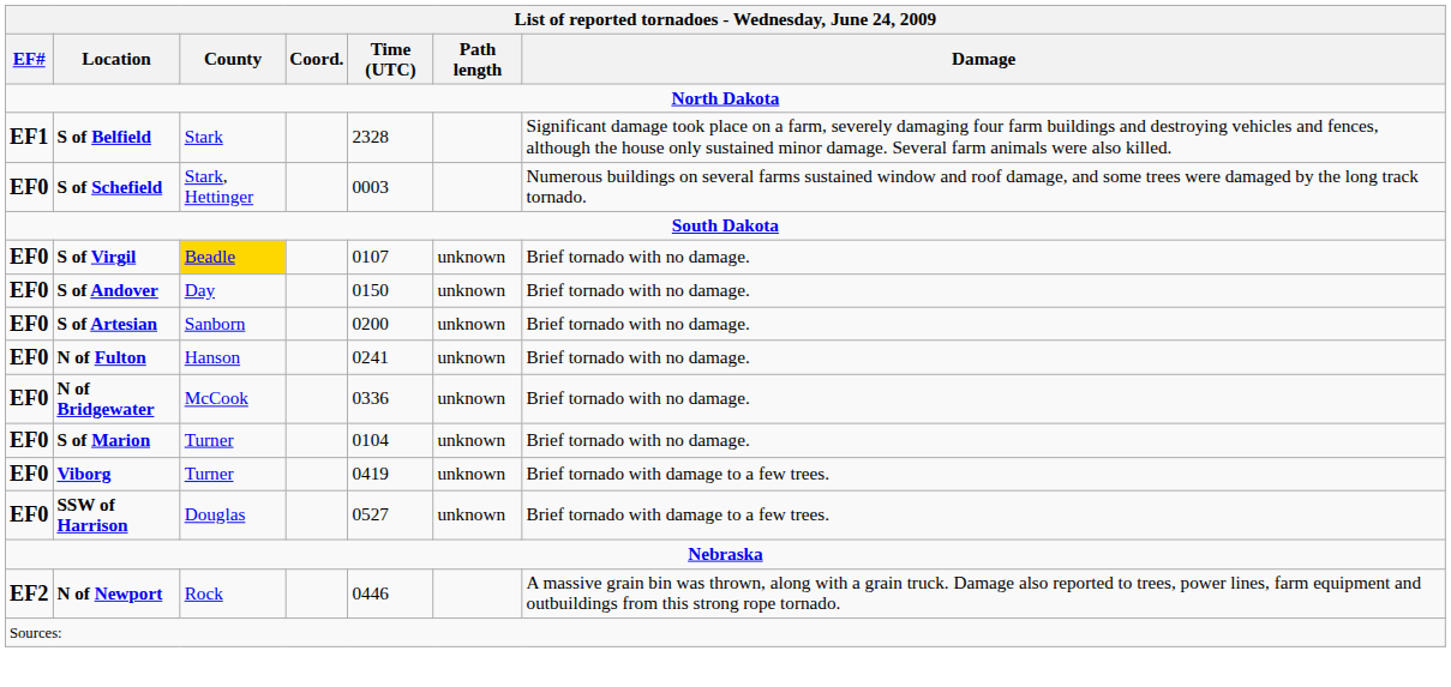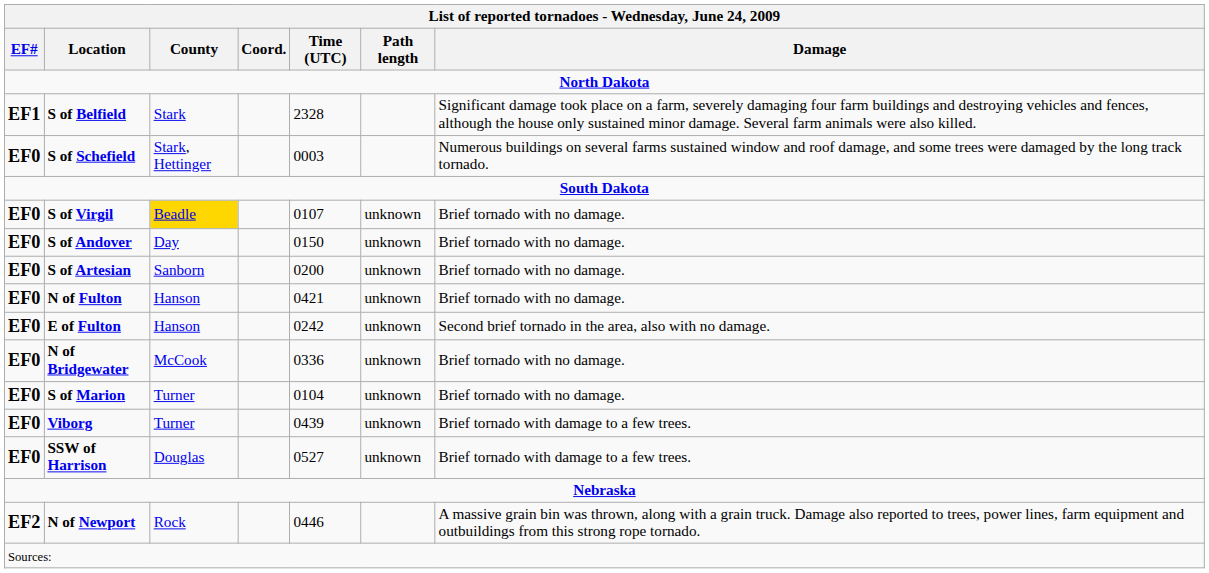 <table class="wikitable collapsible" width="100%">
 <tr>
 <th colspan="7">List of reported tornadoes - Wednesday, June 24, 2009</th>
 </tr>
 <tr>
 <th><a href='#'>EF#</a></th>
 <th>Location</th>
 <th>County</th>
 <th>Coord.</th>
 <th>Time (UTC)</th>
 <th>Path length</th>
 <th>Damage</th>
 </tr>
 <tr>
 <td colspan="7" align=center><strong><a href='#'>North Dakota</a></strong></td>
 </tr>
 <tr>
 <td><big><strong>EF1</strong></big></td>
 <td><strong>S of <a href='#'>Belfield</a></strong></td>
 <td><a href='#'>Stark</a></td>
 <td></td>
 <td>2328</td>
 <td></td>
 <td>Significant damage took place on a farm, severely damaging four farm buildings and destroying vehicles and fences, although the house only sustained minor damage. Several farm animals were also killed.</td>
 </tr>
 <tr>
 <td><big><strong>EF0</strong></big></td>
 <td><strong>S of <a href='#'>Schefield</a></strong></td>
 <td><a href='#'>Stark</a>, <a href='#'>Hettinger</a></td>
 <td></td>
 <td>0003</td>
 <td></td>
 <td>Numerous buildings on several farms sustained window and roof damage, and some trees were damaged by the long track tornado.</td>
 </tr>
 <tr>
 <td colspan="7" align=center><strong><a href='#'>South Dakota</a></strong></td>
 </tr>
 <tr>
 <td><big><strong>EF0</strong></big></td>
 <td><strong>S of <a href='#'>Virgil</a></strong></td>
 <td style="background: gold;"><a href='#'>Beadle</a></td>
 <td></td>
 <td>0107</td>
 <td>unknown</td>
 <td>Brief tornado with no damage.</td>
 </tr>
 <tr>
 <td><big><strong>EF0</strong></big></td>
 <td><strong>S of <a href='#'>Andover</a></strong></td>
 <td><a href='#'>Day</a></td>
 <td></td>
 <td>0150</td>
 <td>unknown</td>
 <td>Brief tornado with no damage.</td>
 </tr>
 <tr>
 <td><big><strong>EF0</strong></big></td>
 <td><strong>S of <a href='#'>Artesian</a></strong></td>
 <td><a href='#'>Sanborn</a></td>
 <td></td>
 <td>0200</td>
 <td>unknown</td>
 <td>Brief tornado with no damage.</td>
 </tr>
 <tr>
 <td><big><strong>EF0</strong></big></td>
 <td><strong>N of <a href='#'>Fulton</a></strong></td>
 <td><a href='#'>Hanson</a></td>
 <td></td>
-<td>0241</td>
+<td>0421</td>
 <td>unknown</td>
 <td>Brief tornado with no damage.</td>
+</tr>
+<tr>
+<td><big><strong>EF0</strong></big></td>
+<td><strong>E of <a href='#'>Fulton</a></strong></td>
+<td><a href='#'>Hanson</a></td>
+<td></td>
+<td>0242</td>
+<td>unknown</td>
+<td>Second brief tornado in the area, also with no damage.</td>
 </tr>
 <tr>
 <td><big><strong>EF0</strong></big></td>
 <td><strong>N of <a href='#'>Bridgewater</a></strong></td>
 <td><a href='#'>McCook</a></td>
 <td></td>
 <td>0336</td>
 <td>unknown</td>
 <td>Brief tornado with no damage.</td>
 </tr>
 <tr>
 <td><big><strong>EF0</strong></big></td>
 <td><strong>S of <a href='#'>Marion</a></strong></td>
 <td><a href='#'>Turner</a></td>
 <td></td>
 <td>0104</td>
 <td>unknown</td>
 <td>Brief tornado with no damage.</td>
 </tr>
 <tr>
 <td><big><strong>EF0</strong></big></td>
 <td><strong><a href='#'>Viborg</a></strong></td>
 <td><a href='#'>Turner</a></td>
 <td></td>
-<td>0419</td>
+<td>0439</td>
 <td>unknown</td>
 <td>Brief tornado with damage to a few trees.</td>
 </tr>
 <tr>
 <td><big><strong>EF0</strong></big></td>
 <td><strong>SSW of <a href='#'>Harrison</a></strong></td>
 <td><a href='#'>Douglas</a></td>
 <td></td>
 <td>0527</td>
 <td>unknown</td>
 <td>Brief tornado with damage to a few trees.</td>
 </tr>
 <tr>
 <td colspan="7" align=center><strong><a href='#'>Nebraska</a></strong></td>
 </tr>
 <tr>
 <td><big><strong>EF2</strong></big></td>
 <td><strong>N of <a href='#'>Newport</a></strong></td>
 <td><a href='#'>Rock</a></td>
 <td></td>
 <td>0446</td>
 <td></td>
 <td>A massive grain bin was thrown, along with a grain truck. Damage also reported to trees, power lines, farm equipment and outbuildings from this strong rope tornado.</td>
 </tr>
 <tr>
 <td colspan="7"><small>Sources: </small></td>
 </tr>
 </table>
